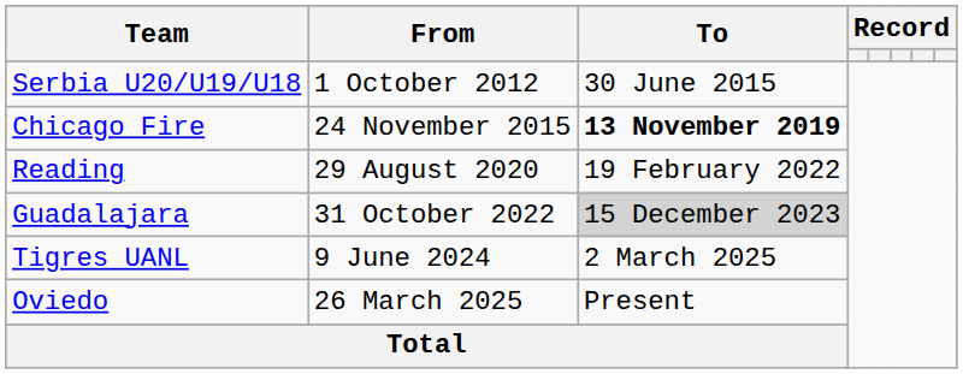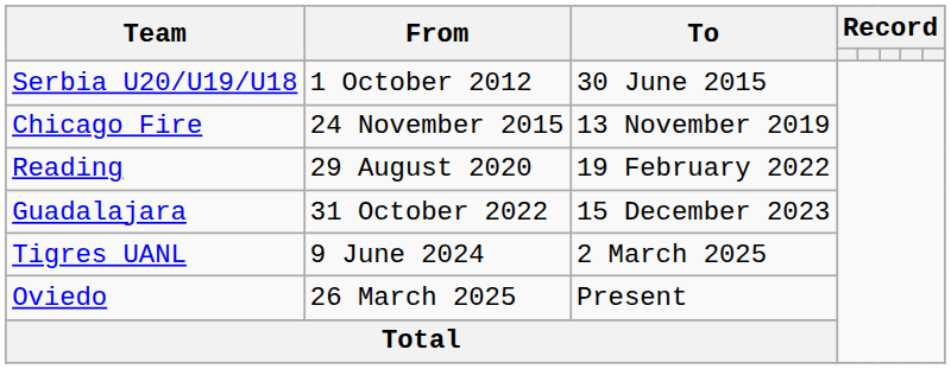 <table class=wikitable style="text-align:center">
 <tr>
 <th rowspan=2>Team</th>
 <th rowspan=2>From</th>
 <th rowspan=2>To</th>
 <th colspan=5>Record</th>
 </tr>
 <tr>
 <th></th>
 <th></th>
 <th></th>
 <th></th>
 <th></th>
 </tr>
 <tr>
 <td align=left><a href='#'>Serbia U20/U19/U18</a></td>
 <td align=left>1 October 2012</td>
 <td align=left>30 June 2015<br></td>
 </tr>
 <tr>
 <td align=left><a href='#'>Chicago Fire</a></td>
 <td align=left>24 November 2015</td>
-<td align=left><strong>13 November 2019<br></strong></td>
+<td align=left>13 November 2019<br></td>
 </tr>
 <tr>
 <td align=left><a href='#'>Reading</a></td>
 <td align=left>29 August 2020</td>
 <td align=left>19 February 2022<br></td>
 </tr>
 <tr>
 <td align=left><a href='#'>Guadalajara</a></td>
 <td align=left>31 October 2022</td>
-<td align=left style="background: lightgrey;">15 December 2023<br></td>
+<td align=left>15 December 2023<br></td>
 </tr>
 <tr>
 <td align=left><a href='#'>Tigres UANL</a></td>
 <td align=left>9 June 2024</td>
 <td align=left>2 March 2025<br></td>
 </tr>
 <tr>
 <td align=left><a href='#'>Oviedo</a></td>
 <td align=left>26 March 2025</td>
 <td align=left>Present<br></td>
 </tr>
 <tr>
 <th colspan=3>Total<br></th>
 </tr>
 </table>
